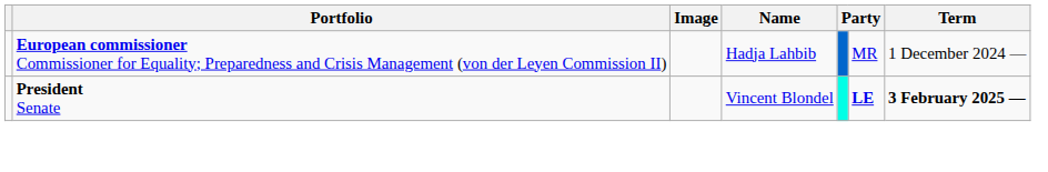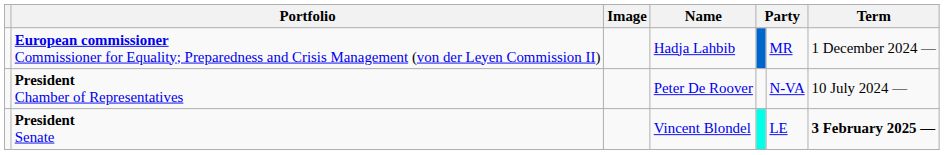 <table class="wikitable">
 <tr>
 <th></th>
 <th>Portfolio</th>
 <th>Image</th>
 <th>Name</th>
 <th colspan="2">Party</th>
 <th>Term</th>
 </tr>
 <tr>
 <td style="text-align:center"><br></td>
 <td><strong><a href='#'>European commissioner</a></strong><br><a href='#'>Commissioner for Equality; Preparedness and Crisis Management</a>  (<a href='#'>von der Leyen Commission II</a>)</td>
 <td></td>
 <td><a href='#'>Hadja Lahbib</a></td>
 <td style="width: 3px; background-color: #0066CC"></td>
 <td><a href='#'>MR</a></td>
 <td>1 December 2024 —</td>
 </tr>
 <tr>
 <td style="text-align:center"><br></td>
+<td><strong>President</strong><br><a href='#'>Chamber of Representatives</a></td>
+<td></td>
+<td><a href='#'>Peter De Roover</a></td>
+<td style="background-color:"></td>
+<td style="text-align:center"><a href='#'>N-VA</a></td>
+<td>10 July 2024 —</td>
+</tr>
+<tr>
+<td style="text-align:center"><br></td>
 <td><strong>President</strong><br><a href='#'>Senate</a></td>
 <td></td>
 <td><a href='#'>Vincent Blondel</a></td>
 <td style="width: 3px; background-color: #00ffe6;"></td>
-<td><strong><a href='#'>LE</a></strong></td>
+<td><a href='#'>LE</a></td>
 <td><strong>3 February 2025 —</strong></td>
 </tr>
 </table>
